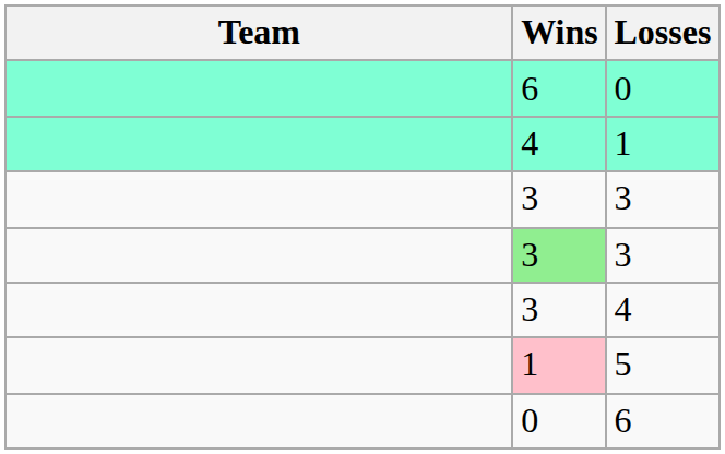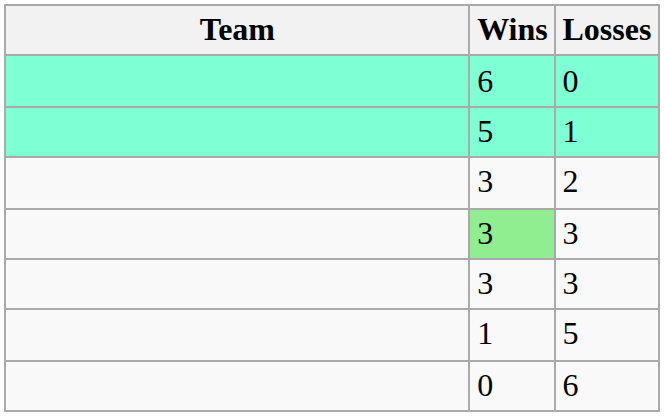 <table class="wikitable">
 <tr>
 <th width=225>Team</th>
 <th>Wins</th>
 <th>Losses</th>
 </tr>
 <tr style="background:#7FFFD4">
 <td></td>
 <td>6</td>
 <td>0</td>
 </tr>
 <tr style="background:#7FFFD4 ">
 <td></td>
-<td>4</td>
+<td>5</td>
 <td>1</td>
 </tr>
 <tr>
 <td></td>
 <td>3</td>
-<td>3</td>
+<td>2</td>
 </tr>
 <tr>
 <td></td>
 <td style="background: lightgreen;">3</td>
 <td>3</td>
 </tr>
 <tr>
 <td></td>
 <td>3</td>
-<td>4</td>
+<td>3</td>
 </tr>
 <tr>
 <td></td>
-<td style="background: pink;">1</td>
+<td>1</td>
 <td>5</td>
 </tr>
 <tr>
 <td></td>
 <td>0</td>
 <td>6</td>
 </tr>
 </table>
